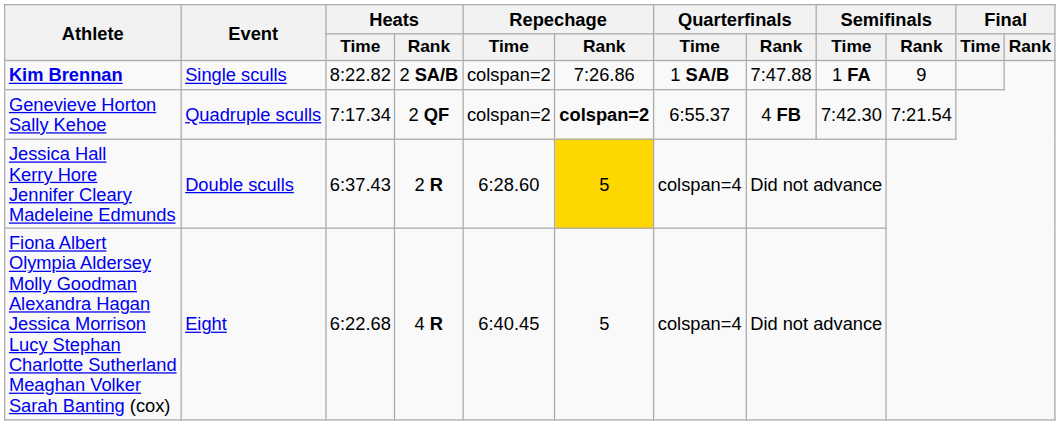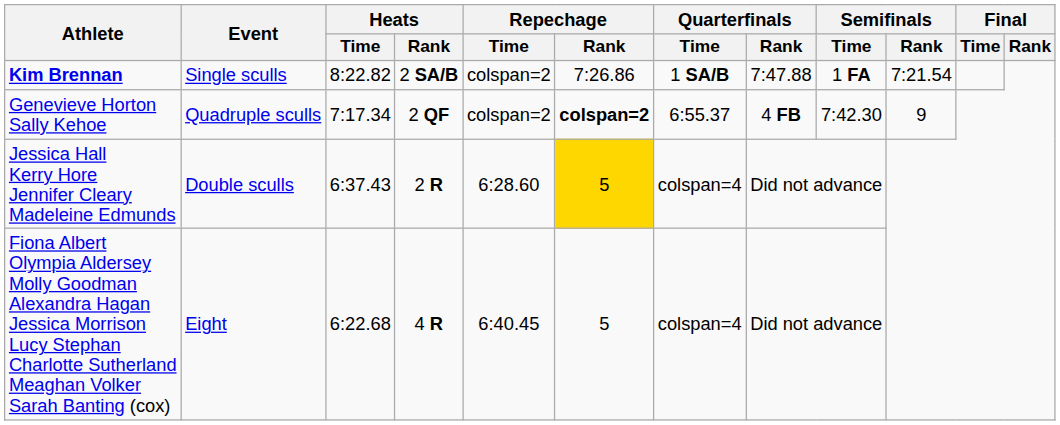 <table class="wikitable" style="font-size:90%">
 <tr>
 <th rowspan="2">Athlete</th>
 <th rowspan="2">Event</th>
 <th colspan="2">Heats</th>
 <th colspan="2">Repechage</th>
 <th colspan="2">Quarterfinals</th>
 <th colspan="2">Semifinals</th>
 <th colspan="2">Final</th>
 </tr>
 <tr style="font-size:95%">
 <th>Time</th>
 <th>Rank</th>
 <th>Time</th>
 <th>Rank</th>
 <th>Time</th>
 <th>Rank</th>
 <th>Time</th>
 <th>Rank</th>
 <th>Time</th>
 <th>Rank</th>
 </tr>
 <tr align=center>
 <td align=left><strong><a href='#'>Kim Brennan</a></strong></td>
 <td align=left><a href='#'>Single sculls</a></td>
 <td>8:22.82</td>
 <td>2 <strong>SA/B</strong></td>
 <td>colspan=2 </td>
 <td>7:26.86</td>
 <td>1 <strong>SA/B</strong></td>
 <td>7:47.88</td>
 <td>1 <strong>FA</strong></td>
-<td>9</td>
+<td>7:21.54</td>
 <td></td>
 </tr>
 <tr align=center>
 <td align=left><a href='#'>Genevieve Horton</a><br><a href='#'>Sally Kehoe</a></td>
 <td align=left><a href='#'>Quadruple sculls</a></td>
 <td>7:17.34</td>
 <td>2 <strong>QF</strong></td>
 <td>colspan=2 </td>
 <td><strong>colspan=2 </strong></td>
 <td>6:55.37</td>
 <td>4 <strong>FB</strong></td>
 <td>7:42.30</td>
-<td>7:21.54</td>
+<td>9</td>
 </tr>
 <tr align=center>
 <td align=left><a href='#'>Jessica Hall</a><br><a href='#'>Kerry Hore</a><br><a href='#'>Jennifer Cleary</a><br><a href='#'>Madeleine Edmunds</a></td>
 <td align=left><a href='#'>Double sculls</a></td>
 <td>6:37.43</td>
 <td>2 <strong>R</strong></td>
 <td>6:28.60</td>
 <td style="background: gold;">5</td>
 <td>colspan=4 </td>
 <td colspan=2>Did not advance</td>
 </tr>
 <tr align=center>
 <td align=left><a href='#'>Fiona Albert</a><br><a href='#'>Olympia Aldersey</a><br><a href='#'>Molly Goodman</a><br><a href='#'>Alexandra Hagan</a><br><a href='#'>Jessica Morrison</a><br><a href='#'>Lucy Stephan</a><br><a href='#'>Charlotte Sutherland</a><br><a href='#'>Meaghan Volker</a><br><a href='#'>Sarah Banting</a> (cox)</td>
 <td align=left><a href='#'>Eight</a></td>
 <td>6:22.68</td>
 <td>4 <strong>R</strong></td>
 <td>6:40.45</td>
 <td>5</td>
 <td>colspan=4 </td>
 <td colspan=2>Did not advance</td>
 </tr>
 </table>
